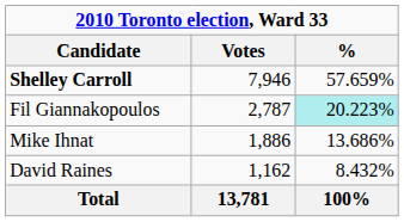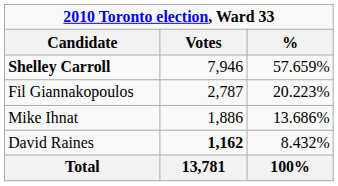 <table class="wikitable">
 <tr>
 <td Colspan="3" align="center"><strong><a href='#'>2010 Toronto election</a>, Ward 33</strong> </td>
 </tr>
 <tr>
 <th bgcolor="#DDDDFF" width="150px">Candidate</th>
 <th bgcolor="#DDDDFF" width="80px">Votes</th>
 <th bgcolor="#DDDDFF" width="80px">%</th>
 </tr>
 <tr>
 <td><strong>Shelley Carroll</strong></td>
 <td align=right>7,946</td>
 <td align=right>57.659%</td>
 </tr>
 <tr>
 <td>Fil Giannakopoulos</td>
 <td align=right>2,787</td>
-<td align=right style="background: paleturquoise;">20.223%</td>
+<td align=right>20.223%</td>
 </tr>
 <tr>
 <td>Mike Ihnat</td>
 <td align=right>1,886</td>
 <td align=right>13.686%</td>
 </tr>
 <tr>
 <td>David Raines</td>
-<td align=right>1,162</td>
+<td align=right><strong>1,162</strong></td>
 <td align=right>8.432%</td>
 </tr>
 <tr>
 <th>Total</th>
 <th align=right>13,781</th>
 <th align=right>100%</th>
 </tr>
 </table>
